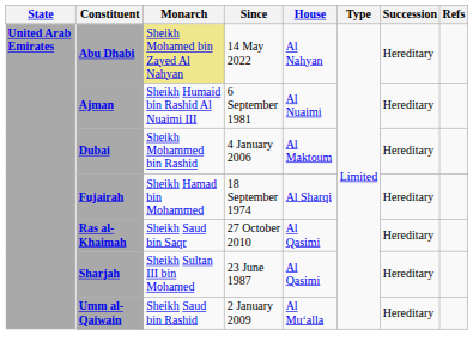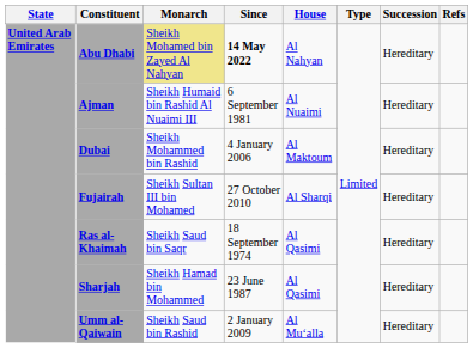 <table class="wikitable" width="100%">
 <tr>
 <th width="18%"><a href='#'>State</a></th>
 <th width="15%">Constituent</th>
 <th width="20%">Monarch</th>
 <th width="13%">Since</th>
 <th width="12%"><a href='#'>House</a></th>
 <th width="9%">Type</th>
 <th width="8%">Succession</th>
 <th width="5%">Refs</th>
 </tr>
 <tr>
 <td bgcolor="#A9A9A9" rowspan="7" style="vertical-align: top; border-color: white;"> <strong><a href='#'><span>United Arab Emirates</span></a></strong></td>
 <td bgcolor="#A9A9A9"> <strong><a href='#'><span>Abu Dhabi</span></a></strong></td>
 <td style="background: khaki;"><a href='#'>Sheikh</a> <a href='#'>Mohamed bin Zayed Al Nahyan</a></td>
-<td>14 May 2022</td>
+<td><strong>14 May 2022</strong></td>
 <td><a href='#'>Al Nahyan</a> </td>
 <td rowspan="7"><a href='#'>Limited</a> </td>
 <td>Hereditary</td>
 <td align="center"></td>
 </tr>
 <tr>
 <td bgcolor="#A9A9A9"> <strong><a href='#'><span>Ajman</span></a></strong></td>
 <td><a href='#'>Sheikh</a> <a href='#'>Humaid bin Rashid Al Nuaimi III</a></td>
 <td>6 September 1981</td>
 <td><a href='#'>Al Nuaimi</a> </td>
 <td>Hereditary</td>
 <td align="center"></td>
 </tr>
 <tr>
 <td bgcolor="#A9A9A9"> <strong><a href='#'><span>Dubai</span></a></strong></td>
 <td><a href='#'>Sheikh</a> <a href='#'>Mohammed bin Rashid</a></td>
 <td>4 January 2006</td>
 <td><a href='#'>Al Maktoum</a> </td>
 <td>Hereditary</td>
 <td align="center"></td>
 </tr>
 <tr>
 <td bgcolor="#A9A9A9"> <strong><a href='#'><span>Fujairah</span></a></strong></td>
-<td><a href='#'>Sheikh</a> <a href='#'>Hamad bin Mohammed</a></td>
-<td>18 September 1974</td>
+<td><a href='#'>Sheikh</a> <a href='#'>Sultan III bin Mohamed</a></td>
+<td>27 October 2010 </td>
 <td><a href='#'>Al Sharqi</a> </td>
 <td>Hereditary</td>
 <td align="center"></td>
 </tr>
 <tr>
 <td bgcolor="#A9A9A9"> <strong><a href='#'><span>Ras al-Khaimah</span></a></strong></td>
 <td><a href='#'>Sheikh</a> <a href='#'>Saud bin Saqr</a></td>
-<td>27 October 2010 </td>
+<td>18 September 1974</td>
 <td><a href='#'>Al Qasimi</a> </td>
 <td>Hereditary</td>
 <td align="center"></td>
 </tr>
 <tr>
 <td bgcolor="#A9A9A9"> <strong><a href='#'><span>Sharjah</span></a></strong></td>
-<td><a href='#'>Sheikh</a> <a href='#'>Sultan III bin Mohamed</a></td>
+<td><a href='#'>Sheikh</a> <a href='#'>Hamad bin Mohammed</a></td>
 <td>23 June 1987 </td>
 <td><a href='#'>Al Qasimi</a> </td>
 <td>Hereditary</td>
 <td align="center"></td>
 </tr>
 <tr>
 <td bgcolor="#A9A9A9"> <strong><a href='#'><span>Umm al-Qaiwain</span></a></strong></td>
 <td><a href='#'>Sheikh</a> <a href='#'>Saud bin Rashid</a></td>
 <td>2 January 2009</td>
 <td><a href='#'>Al Mu‘alla</a></td>
 <td>Hereditary</td>
 <td align="center"></td>
 </tr>
 </table>
